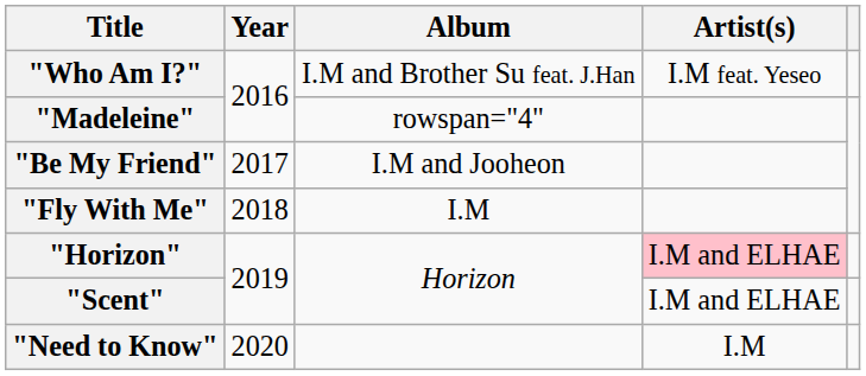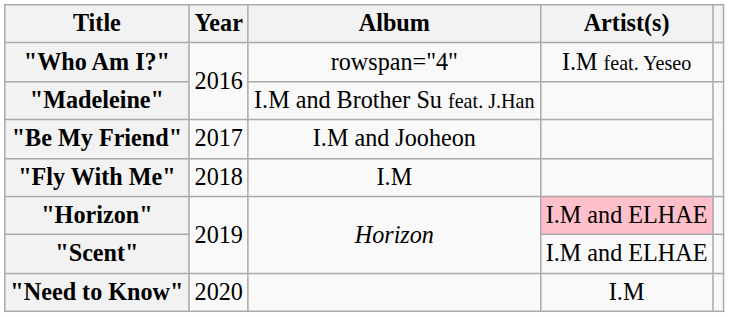 <table class="wikitable plainrowheaders" style="text-align:center">
 <tr>
 <th scope="col">Title</th>
 <th scope="col">Year</th>
 <th scope="col">Album</th>
 <th scope="col">Artist(s)</th>
 <th scope="col" class="unsortable"></th>
 </tr>
 <tr>
 <th scope="row">"Who Am I?"</th>
 <td rowspan="2">2016</td>
-<td>I.M and Brother Su <small>feat. J.Han</small></td>
+<td>rowspan="4" </td>
 <td>I.M <small>feat. Yeseo</small></td>
 <td></td>
 </tr>
 <tr>
 <th scope="row">"Madeleine"</th>
-<td>rowspan="4" </td>
+<td>I.M and Brother Su <small>feat. J.Han</small></td>
 <td></td>
 </tr>
 <tr>
 <th scope="row">"Be My Friend"</th>
 <td>2017</td>
 <td>I.M and Jooheon</td>
 <td></td>
 </tr>
 <tr>
 <th scope="row">"Fly With Me"</th>
 <td>2018</td>
 <td>I.M</td>
 <td></td>
 </tr>
 <tr>
 <th scope="row">"Horizon"</th>
 <td rowspan="2">2019</td>
 <td rowspan="2"><em>Horizon</em></td>
 <td style="background: pink;">I.M and ELHAE</td>
 <td></td>
 </tr>
 <tr>
 <th scope="row">"Scent"</th>
 <td>I.M and ELHAE</td>
 <td></td>
 </tr>
 <tr>
 <th scope="row">"Need to Know"</th>
 <td>2020</td>
 <td></td>
 <td>I.M</td>
 <td></td>
 </tr>
 </table>
